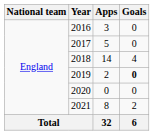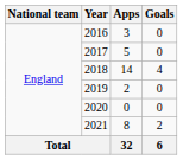 <table class="wikitable" style="text-align: center;">
 <tr>
 <th>National team</th>
 <th>Year</th>
 <th>Apps</th>
 <th>Goals</th>
 </tr>
 <tr>
 <td rowspan="6"><a href='#'>England</a></td>
 <td>2016</td>
 <td>3</td>
 <td>0</td>
 </tr>
 <tr>
 <td>2017</td>
 <td>5</td>
 <td>0</td>
 </tr>
 <tr>
 <td>2018</td>
 <td>14</td>
 <td>4</td>
 </tr>
 <tr>
 <td>2019</td>
 <td>2</td>
-<td><strong>0</strong></td>
+<td>0</td>
 </tr>
 <tr>
 <td>2020</td>
 <td>0</td>
 <td>0</td>
 </tr>
 <tr>
 <td>2021</td>
 <td>8</td>
 <td>2</td>
 </tr>
 <tr>
 <th colspan="2">Total</th>
 <th>32</th>
 <th>6</th>
 </tr>
 </table>
